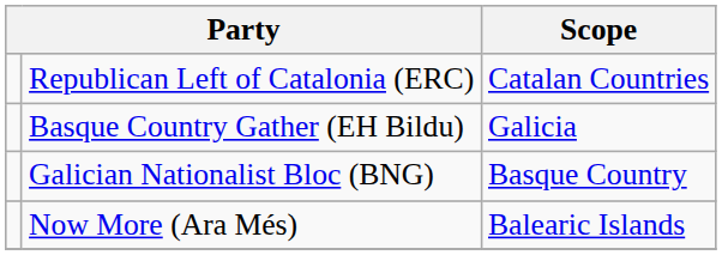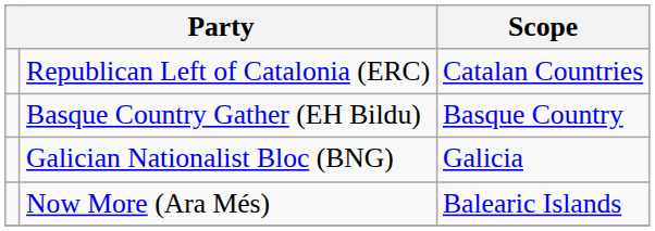 <table class="wikitable" style="text-align:left;">
 <tr>
 <th colspan="2">Party</th>
 <th>Scope</th>
 </tr>
 <tr>
 <td width="1"></td>
 <td><a href='#'>Republican Left of Catalonia</a> (ERC)</td>
 <td><a href='#'>Catalan Countries</a></td>
 </tr>
 <tr>
 <td></td>
 <td><a href='#'>Basque Country Gather</a> (EH Bildu)</td>
-<td><a href='#'>Galicia</a></td>
+<td><a href='#'>Basque Country</a></td>
 </tr>
 <tr>
 <td></td>
 <td><a href='#'>Galician Nationalist Bloc</a> (BNG)</td>
-<td><a href='#'>Basque Country</a></td>
+<td><a href='#'>Galicia</a></td>
 </tr>
 <tr>
 <td></td>
 <td><a href='#'>Now More</a> (Ara Més)</td>
 <td><a href='#'>Balearic Islands</a></td>
 </tr>
 <tr>
 </tr>
 </table>
